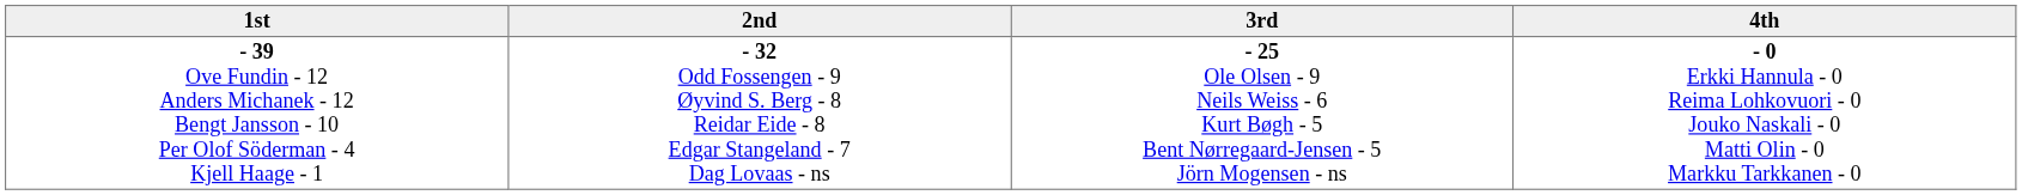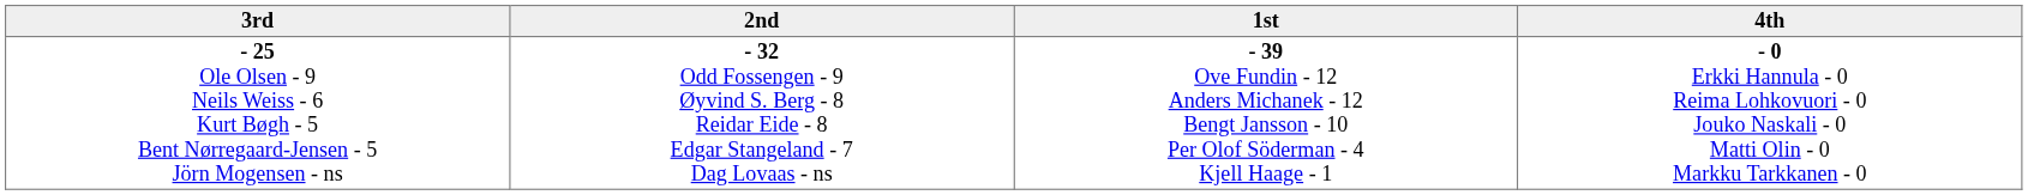 <table border=1 cellpadding=2 cellspacing=0 width=75% style="border-collapse:collapse">
 <tr align=center style="background:#efefef;">
+<th width=20% >3rd</th>
+<th width=20% >2nd</th>
 <th width=20% >1st</th>
-<th width=20% >2nd</th>
-<th width=20% >3rd</th>
 <th width=20%>4th</th>
 </tr>
 <tr align=center>
+<td valign=top ><strong> - 25</strong><br><a href='#'>Ole Olsen</a> - 9<br><a href='#'>Neils Weiss</a> - 6<br><a href='#'>Kurt Bøgh</a> - 5<br><a href='#'>Bent Nørregaard-Jensen</a> - 5<br><a href='#'>Jörn Mogensen</a> - ns</td>
+<td valign=top ><strong> - 32</strong><br><a href='#'>Odd Fossengen</a> - 9<br><a href='#'>Øyvind S. Berg</a> - 8<br><a href='#'>Reidar Eide</a> - 8<br><a href='#'>Edgar Stangeland</a> - 7<br><a href='#'>Dag Lovaas</a> - ns</td>
 <td valign=top ><strong> - 39</strong><br><a href='#'>Ove Fundin</a> - 12<br><a href='#'>Anders Michanek</a> - 12<br><a href='#'>Bengt Jansson</a> - 10<br><a href='#'>Per Olof Söderman</a> - 4<br><a href='#'>Kjell Haage</a> - 1</td>
-<td valign=top ><strong> - 32</strong><br><a href='#'>Odd Fossengen</a> - 9<br><a href='#'>Øyvind S. Berg</a> - 8<br><a href='#'>Reidar Eide</a> - 8<br><a href='#'>Edgar Stangeland</a> - 7<br><a href='#'>Dag Lovaas</a> - ns</td>
-<td valign=top ><strong> - 25</strong><br><a href='#'>Ole Olsen</a> - 9<br><a href='#'>Neils Weiss</a> - 6<br><a href='#'>Kurt Bøgh</a> - 5<br><a href='#'>Bent Nørregaard-Jensen</a> - 5<br><a href='#'>Jörn Mogensen</a> - ns</td>
 <td valign=top><strong> - 0</strong><br><a href='#'>Erkki Hannula</a> - 0<br><a href='#'>Reima Lohkovuori</a> - 0<br><a href='#'>Jouko Naskali</a> - 0<br><a href='#'>Matti Olin</a> - 0<br><a href='#'>Markku Tarkkanen</a> - 0</td>
 </tr>
 </table>
